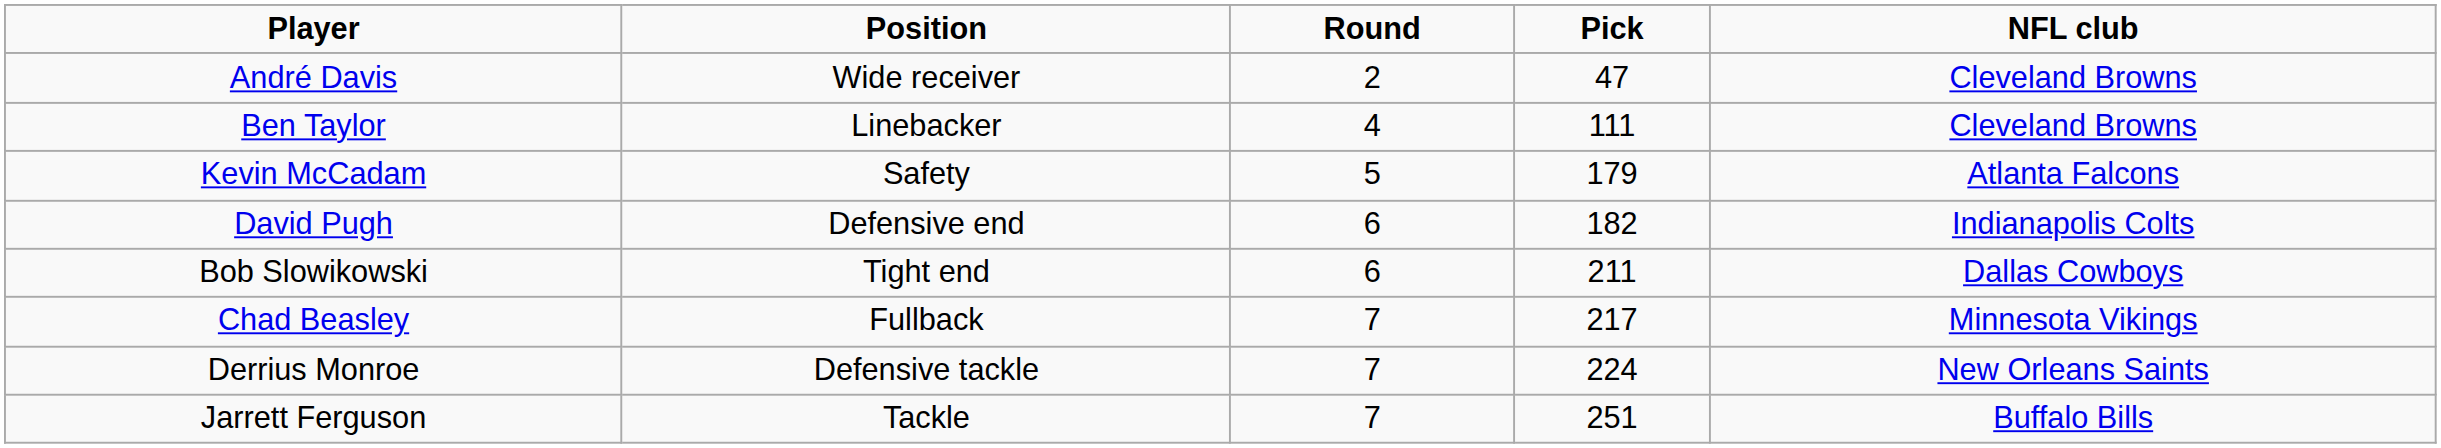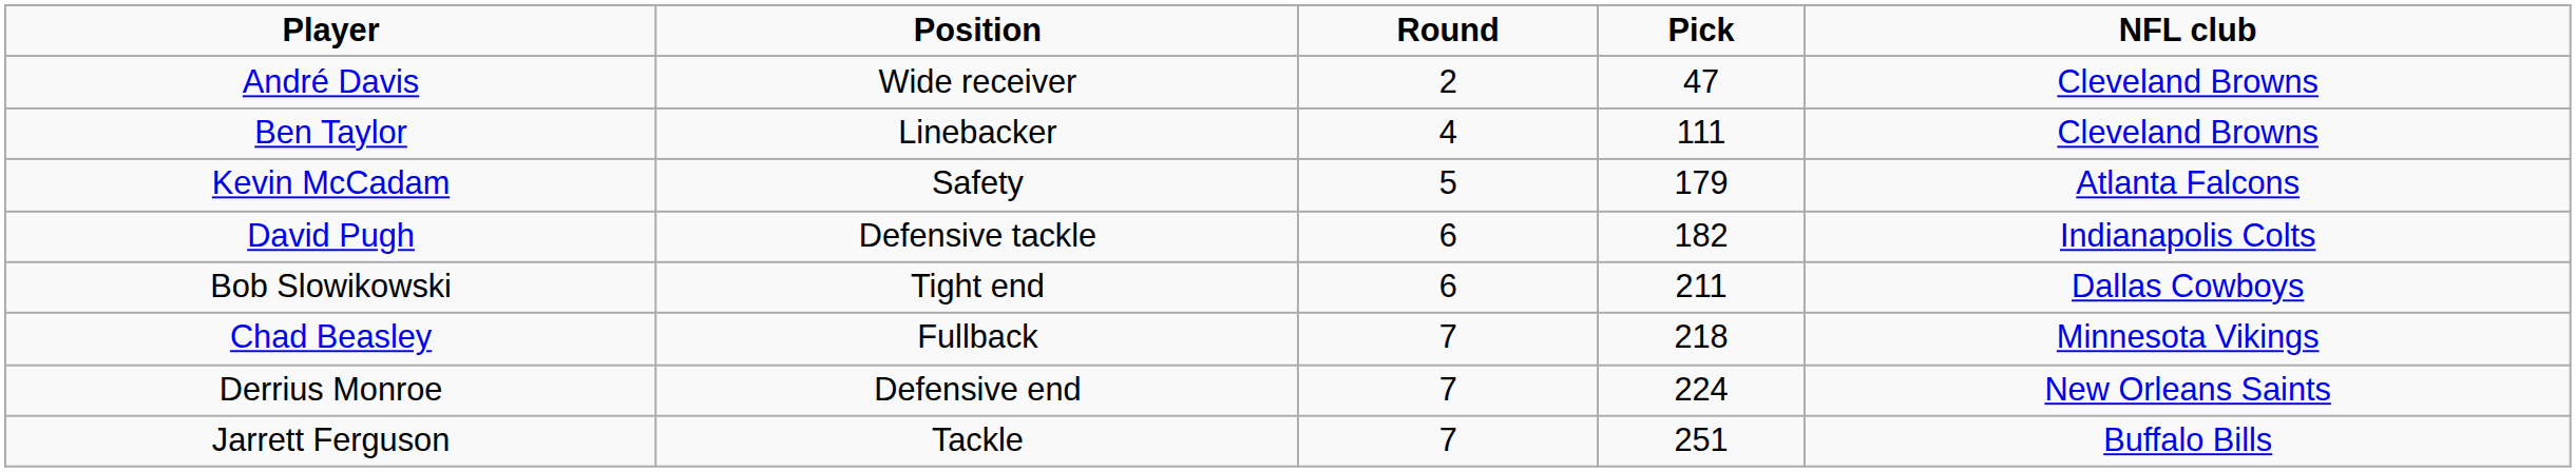 <table class="wikitable" width="80%">
 <tr align="center">
 <td><strong>Player</strong></td>
 <td><strong>Position</strong></td>
 <td><strong>Round</strong></td>
 <td><strong>Pick</strong></td>
 <td><strong>NFL club</strong></td>
 </tr>
 <tr align="center" bgcolor="">
 <td><a href='#'>André Davis</a></td>
 <td>Wide receiver</td>
 <td>2</td>
 <td>47</td>
 <td><a href='#'>Cleveland Browns</a></td>
 </tr>
 <tr align="center" bgcolor="">
 <td><a href='#'>Ben Taylor</a></td>
 <td>Linebacker</td>
 <td>4</td>
 <td>111</td>
 <td><a href='#'>Cleveland Browns</a></td>
 </tr>
 <tr align="center" bgcolor="">
 <td><a href='#'>Kevin McCadam</a></td>
 <td>Safety</td>
 <td>5</td>
 <td>179</td>
 <td><a href='#'>Atlanta Falcons</a></td>
 </tr>
 <tr align="center" bgcolor="">
 <td><a href='#'>David Pugh</a></td>
-<td>Defensive end</td>
+<td>Defensive tackle</td>
 <td>6</td>
 <td>182</td>
 <td><a href='#'>Indianapolis Colts</a></td>
 </tr>
 <tr align="center" bgcolor="">
 <td>Bob Slowikowski</td>
 <td>Tight end</td>
 <td>6</td>
 <td>211</td>
 <td><a href='#'>Dallas Cowboys</a></td>
 </tr>
 <tr align="center" bgcolor="">
 <td><a href='#'>Chad Beasley</a></td>
 <td>Fullback</td>
 <td>7</td>
-<td>217</td>
+<td>218</td>
 <td><a href='#'>Minnesota Vikings</a></td>
 </tr>
 <tr align="center" bgcolor="">
 <td>Derrius Monroe</td>
-<td>Defensive tackle</td>
+<td>Defensive end</td>
 <td>7</td>
 <td>224</td>
 <td><a href='#'>New Orleans Saints</a></td>
 </tr>
 <tr align="center" bgcolor="">
 <td>Jarrett Ferguson</td>
 <td>Tackle</td>
 <td>7</td>
 <td>251</td>
 <td><a href='#'>Buffalo Bills</a></td>
 </tr>
 </table>
